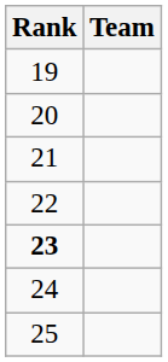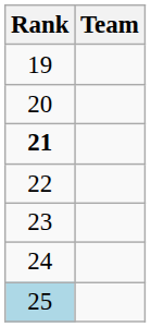 <table class=wikitable>
 <tr>
 <th>Rank</th>
 <th>Team</th>
 </tr>
 <tr>
 <td align=center>19</td>
 <td></td>
 </tr>
 <tr>
 <td align=center>20</td>
 <td></td>
 </tr>
 <tr>
-<td align=center>21</td>
+<td align=center><strong>21</strong></td>
 <td></td>
 </tr>
 <tr>
 <td align=center>22</td>
 <td></td>
 </tr>
 <tr>
-<td align=center><strong>23</strong></td>
+<td align=center>23</td>
 <td></td>
 </tr>
 <tr>
 <td align=center>24</td>
 <td></td>
 </tr>
 <tr>
-<td align=center>25</td>
+<td align=center style="background: lightblue;">25</td>
 <td></td>
 </tr>
 </table>
